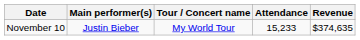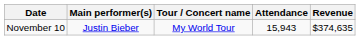 <table class="wikitable"  style="text-align:center; font-size:95%;">
 <tr>
 <th style="text-align:center;">Date</th>
 <th style="text-align:center;">Main performer(s)</th>
 <th style="text-align:center;">Tour / Concert name</th>
 <th style="text-align:center;">Attendance</th>
 <th style="text-align:center;">Revenue</th>
 </tr>
 <tr>
 <td>November 10</td>
 <td><a href='#'>Justin Bieber</a></td>
 <td><a href='#'>My World Tour</a></td>
-<td>15,233</td>
+<td>15,943</td>
 <td>$374,635</td>
 </tr>
 </table>
